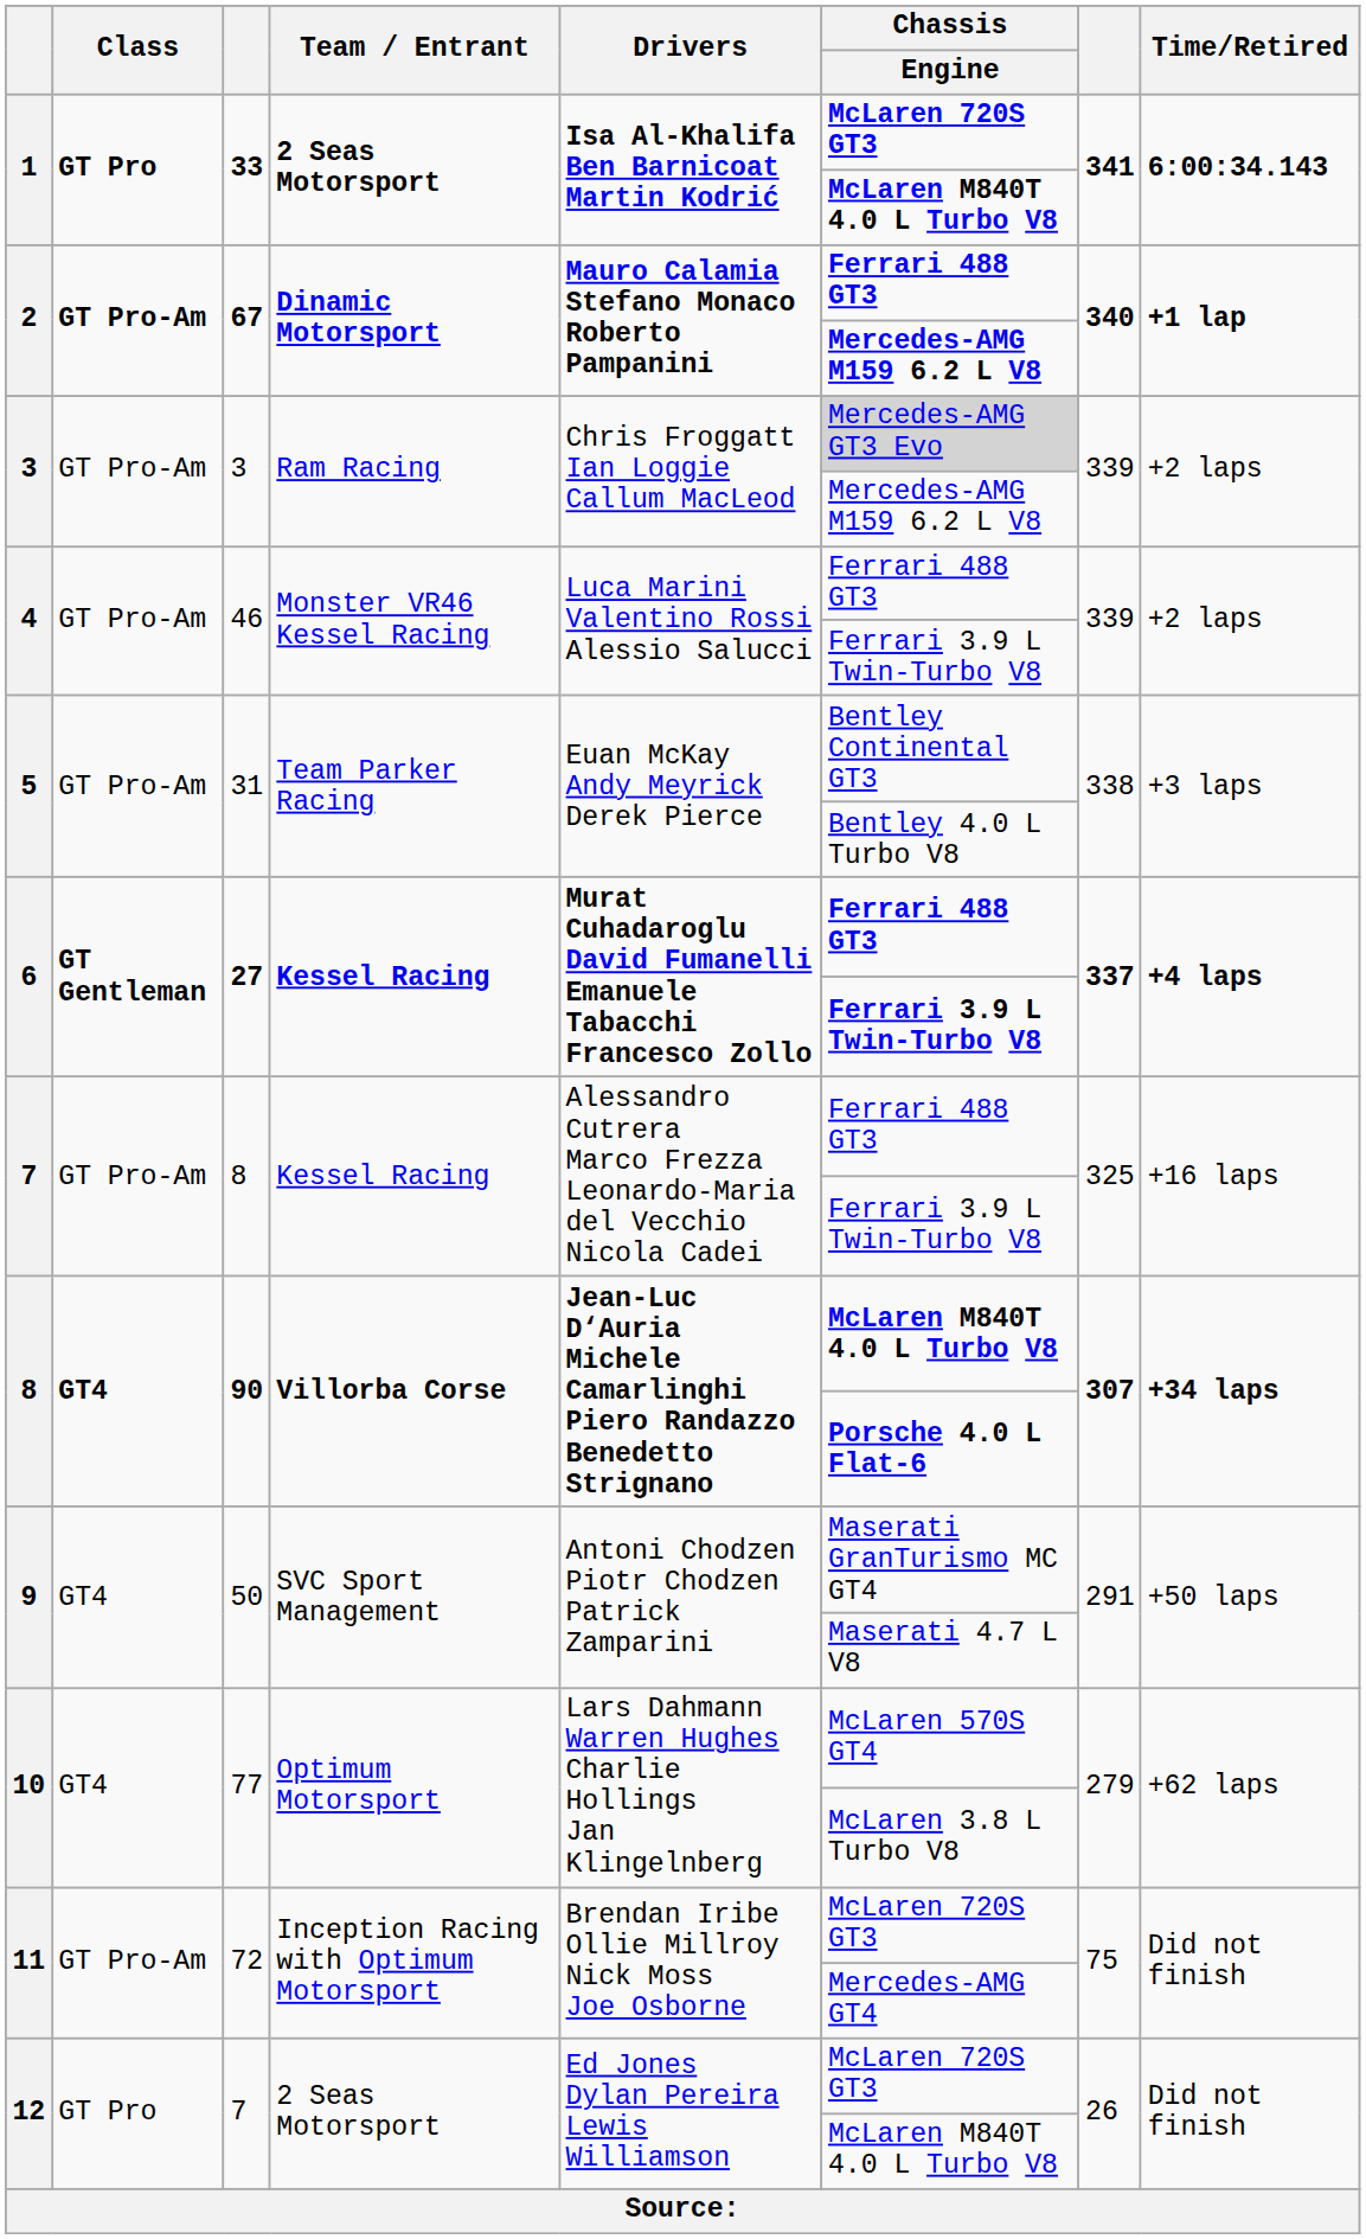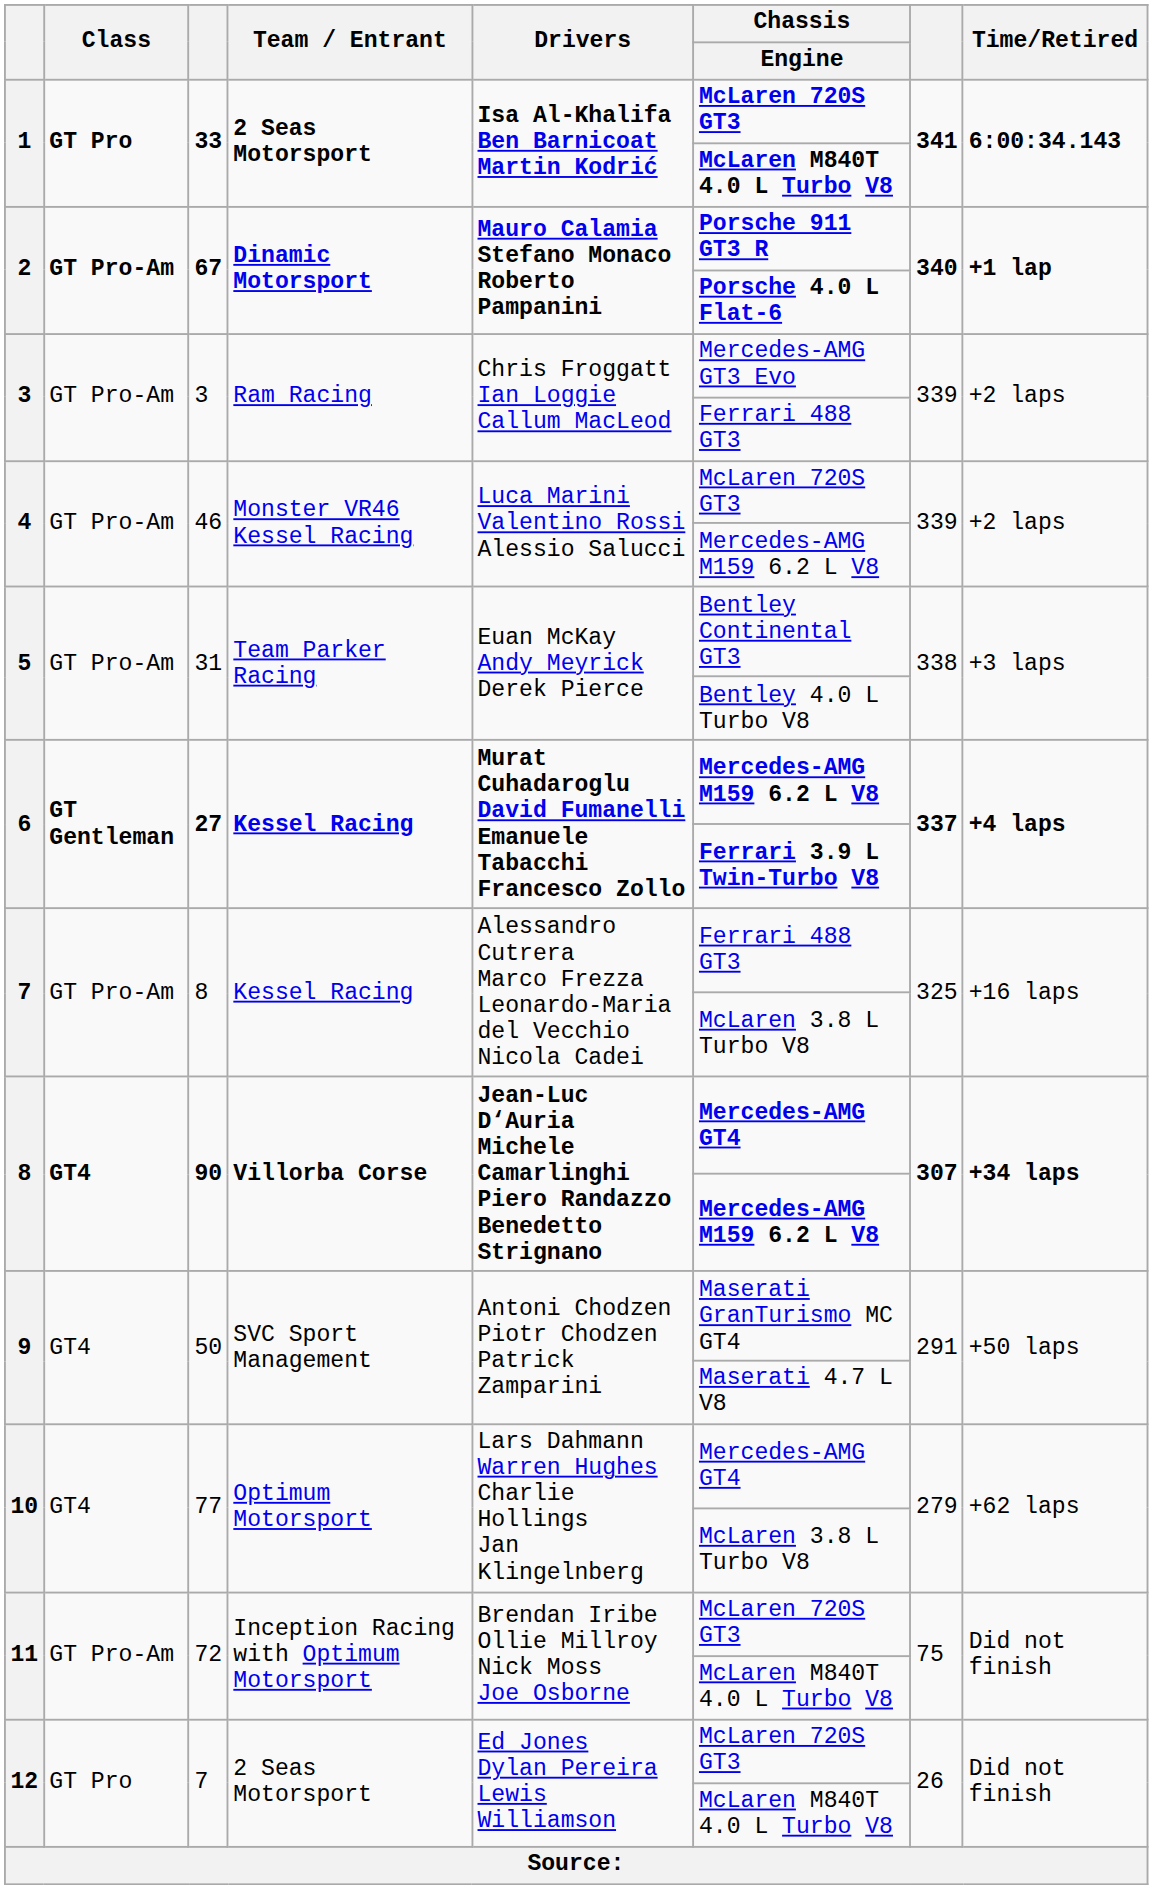 <table class="wikitable" style="font-size: 95%;">
 <tr>
 <th rowspan="2"></th>
 <th rowspan="2">Class</th>
 <th rowspan="2" class="unsortable"></th>
 <th rowspan="2" class="unsortable">Team / Entrant</th>
 <th rowspan="2" class="unsortable">Drivers</th>
 <th scope="col" class="unsortable">Chassis</th>
 <th rowspan="2" class="unsortable"></th>
 <th rowspan="2" class="unsortable">Time/Retired</th>
 </tr>
 <tr>
 <th>Engine</th>
 </tr>
 <tr style="font-weight:bold">
 <th rowspan=2>1</th>
 <td rowspan=2>GT Pro</td>
 <td rowspan=2>33</td>
 <td rowspan=2> 2 Seas Motorsport</td>
 <td rowspan=2> Isa Al-Khalifa<br> <a href='#'>Ben Barnicoat</a><br> <a href='#'>Martin Kodrić</a></td>
 <td><a href='#'>McLaren 720S GT3</a></td>
 <td rowspan=2>341</td>
 <td rowspan=2>6:00:34.143</td>
 </tr>
 <tr style="font-weight:bold">
 <td><a href='#'>McLaren</a> M840T 4.0 L <a href='#'>Turbo</a> <a href='#'>V8</a></td>
 </tr>
 <tr style="font-weight:bold">
 <th rowspan=2>2</th>
 <td rowspan=2>GT Pro-Am</td>
 <td rowspan=2>67</td>
 <td rowspan=2> <a href='#'>Dinamic Motorsport</a></td>
 <td rowspan=2> <a href='#'>Mauro Calamia</a><br> Stefano Monaco<br> Roberto Pampanini</td>
-<td><a href='#'>Ferrari 488 GT3</a></td>
+<td><a href='#'>Porsche 911 GT3 R</a></td>
 <td rowspan=2>340</td>
 <td rowspan=2>+1 lap</td>
 </tr>
 <tr style="font-weight:bold">
-<td><a href='#'>Mercedes-AMG M159</a> 6.2 L <a href='#'>V8</a></td>
+<td><a href='#'>Porsche</a> 4.0 L <a href='#'>Flat-6</a></td>
 </tr>
 <tr>
 <th rowspan=2>3</th>
 <td rowspan=2>GT Pro-Am</td>
 <td rowspan=2>3</td>
 <td rowspan=2> <a href='#'>Ram Racing</a></td>
 <td rowspan=2> Chris Froggatt<br> <a href='#'>Ian Loggie</a><br> <a href='#'>Callum MacLeod</a></td>
-<td style="background: lightgrey;"><a href='#'>Mercedes-AMG GT3 Evo</a></td>
+<td><a href='#'>Mercedes-AMG GT3 Evo</a></td>
 <td rowspan=2>339</td>
 <td rowspan=2>+2 laps</td>
 </tr>
 <tr>
-<td><a href='#'>Mercedes-AMG M159</a> 6.2 L <a href='#'>V8</a></td>
+<td><a href='#'>Ferrari 488 GT3</a></td>
 </tr>
 <tr>
 <th rowspan=2>4</th>
 <td rowspan=2>GT Pro-Am</td>
 <td rowspan=2>46</td>
 <td rowspan=2> <a href='#'>Monster VR46</a> <a href='#'>Kessel Racing</a></td>
 <td rowspan=2> <a href='#'>Luca Marini</a><br> <a href='#'>Valentino Rossi</a><br> Alessio Salucci</td>
-<td><a href='#'>Ferrari 488 GT3</a></td>
+<td><a href='#'>McLaren 720S GT3</a></td>
 <td rowspan=2>339</td>
 <td rowspan=2>+2 laps</td>
 </tr>
 <tr>
-<td><a href='#'>Ferrari</a> 3.9 L <a href='#'>Twin-Turbo</a> <a href='#'>V8</a></td>
+<td><a href='#'>Mercedes-AMG M159</a> 6.2 L <a href='#'>V8</a></td>
 </tr>
 <tr>
 <th rowspan=2>5</th>
 <td rowspan=2>GT Pro-Am</td>
 <td rowspan=2>31</td>
 <td rowspan=2> <a href='#'>Team Parker Racing</a></td>
 <td rowspan=2> Euan McKay<br> <a href='#'>Andy Meyrick</a><br> Derek Pierce</td>
 <td><a href='#'>Bentley Continental GT3</a></td>
 <td rowspan=2>338</td>
 <td rowspan=2>+3 laps</td>
 </tr>
 <tr>
 <td><a href='#'>Bentley</a> 4.0 L Turbo V8</td>
 </tr>
 <tr style="font-weight:bold">
 <th rowspan=2>6</th>
 <td rowspan=2>GT Gentleman</td>
 <td rowspan=2>27</td>
 <td rowspan=2> <a href='#'>Kessel Racing</a></td>
 <td rowspan=2> Murat Cuhadaroglu<br> <a href='#'>David Fumanelli</a><br> Emanuele Tabacchi<br> Francesco Zollo</td>
-<td><a href='#'>Ferrari 488 GT3</a></td>
+<td><a href='#'>Mercedes-AMG M159</a> 6.2 L <a href='#'>V8</a></td>
 <td rowspan=2>337</td>
 <td rowspan=2>+4 laps</td>
 </tr>
 <tr style="font-weight:bold">
 <td><a href='#'>Ferrari</a> 3.9 L <a href='#'>Twin-Turbo</a> <a href='#'>V8</a></td>
 </tr>
 <tr>
 <th rowspan=2>7</th>
 <td rowspan=2>GT Pro-Am</td>
 <td rowspan=2>8</td>
 <td rowspan=2> <a href='#'>Kessel Racing</a></td>
 <td rowspan=2> Alessandro Cutrera<br> Marco Frezza<br> Leonardo-Maria del Vecchio<br> Nicola Cadei</td>
 <td><a href='#'>Ferrari 488 GT3</a></td>
 <td rowspan=2>325</td>
 <td rowspan=2>+16 laps</td>
 </tr>
 <tr>
-<td><a href='#'>Ferrari</a> 3.9 L <a href='#'>Twin-Turbo</a> <a href='#'>V8</a></td>
+<td><a href='#'>McLaren</a> 3.8 L Turbo V8</td>
 </tr>
 <tr style="font-weight:bold">
 <th rowspan=2>8</th>
 <td rowspan=2>GT4</td>
 <td rowspan=2>90</td>
 <td rowspan=2> Villorba Corse</td>
 <td rowspan=2> Jean-Luc D‘Auria<br> Michele Camarlinghi<br> Piero Randazzo<br> Benedetto Strignano</td>
-<td><a href='#'>McLaren</a> M840T 4.0 L <a href='#'>Turbo</a> <a href='#'>V8</a></td>
+<td><a href='#'>Mercedes-AMG GT4</a></td>
 <td rowspan=2>307</td>
 <td rowspan=2>+34 laps</td>
 </tr>
 <tr style="font-weight:bold">
-<td><a href='#'>Porsche</a> 4.0 L <a href='#'>Flat-6</a></td>
+<td><a href='#'>Mercedes-AMG M159</a> 6.2 L <a href='#'>V8</a></td>
 </tr>
 <tr>
 <th rowspan=2>9</th>
 <td rowspan=2>GT4</td>
 <td rowspan=2>50</td>
 <td rowspan=2> SVC Sport Management</td>
 <td rowspan=2> Antoni Chodzen<br> Piotr Chodzen<br> Patrick Zamparini</td>
 <td><a href='#'>Maserati GranTurismo</a> MC GT4</td>
 <td rowspan=2>291</td>
 <td rowspan=2>+50 laps</td>
 </tr>
 <tr>
 <td><a href='#'>Maserati</a> 4.7 L V8</td>
 </tr>
 <tr>
 <th rowspan=2>10</th>
 <td rowspan=2>GT4</td>
 <td rowspan=2>77</td>
 <td rowspan=2> <a href='#'>Optimum Motorsport</a></td>
 <td rowspan=2> Lars Dahmann<br> <a href='#'>Warren Hughes</a><br> Charlie Hollings<br> Jan Klingelnberg</td>
-<td><a href='#'>McLaren 570S GT4</a></td>
+<td><a href='#'>Mercedes-AMG GT4</a></td>
 <td rowspan=2>279</td>
 <td rowspan=2>+62 laps</td>
 </tr>
 <tr>
 <td><a href='#'>McLaren</a> 3.8 L Turbo V8</td>
 </tr>
 <tr>
 <th rowspan=2>11</th>
 <td rowspan=2>GT Pro-Am</td>
 <td rowspan=2>72</td>
 <td rowspan=2> Inception Racing with <a href='#'>Optimum Motorsport</a></td>
 <td rowspan=2> Brendan Iribe<br> Ollie Millroy<br> Nick Moss<br> <a href='#'>Joe Osborne</a></td>
 <td><a href='#'>McLaren 720S GT3</a></td>
 <td rowspan=2>75</td>
 <td rowspan=2>Did not finish</td>
 </tr>
 <tr>
-<td><a href='#'>Mercedes-AMG GT4</a></td>
+<td><a href='#'>McLaren</a> M840T 4.0 L <a href='#'>Turbo</a> <a href='#'>V8</a></td>
 </tr>
 <tr>
 <th rowspan=2>12</th>
 <td rowspan=2>GT Pro</td>
 <td rowspan=2>7</td>
 <td rowspan=2> 2 Seas Motorsport</td>
 <td rowspan=2> <a href='#'>Ed Jones</a><br> <a href='#'>Dylan Pereira</a><br> <a href='#'>Lewis Williamson</a></td>
 <td><a href='#'>McLaren 720S GT3</a></td>
 <td rowspan=2>26</td>
 <td rowspan=2>Did not finish</td>
 </tr>
 <tr>
 <td><a href='#'>McLaren</a> M840T 4.0 L <a href='#'>Turbo</a> <a href='#'>V8</a></td>
 </tr>
 <tr>
 <th colspan=8>Source:</th>
 </tr>
 </table>
